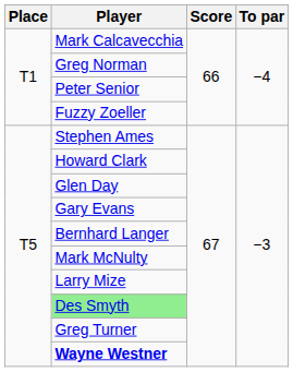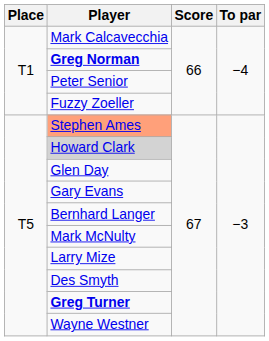 <table class="wikitable">
 <tr>
 <th>Place</th>
 <th>Player</th>
 <th>Score</th>
 <th>To par</th>
 </tr>
 <tr>
 <td rowspan="4" align=center>T1</td>
 <td> <a href='#'>Mark Calcavecchia</a></td>
 <td rowspan="4" align=center>66</td>
 <td rowspan="4" align=center>−4</td>
 </tr>
 <tr>
-<td> <a href='#'>Greg Norman</a></td>
+<td><strong> <a href='#'>Greg Norman</a></strong></td>
 </tr>
 <tr>
 <td> <a href='#'>Peter Senior</a></td>
 </tr>
 <tr>
 <td> <a href='#'>Fuzzy Zoeller</a></td>
 </tr>
 <tr>
 <td rowspan="10" align=center>T5</td>
-<td> <a href='#'>Stephen Ames</a></td>
+<td style="background: lightsalmon;"> <a href='#'>Stephen Ames</a></td>
 <td rowspan="10" align=center>67</td>
 <td rowspan="10" align=center>−3</td>
 </tr>
 <tr>
-<td> <a href='#'>Howard Clark</a></td>
+<td style="background: lightgrey;"> <a href='#'>Howard Clark</a></td>
 </tr>
 <tr>
 <td> <a href='#'>Glen Day</a></td>
 </tr>
 <tr>
 <td> <a href='#'>Gary Evans</a></td>
 </tr>
 <tr>
 <td> <a href='#'>Bernhard Langer</a></td>
 </tr>
 <tr>
 <td> <a href='#'>Mark McNulty</a></td>
 </tr>
 <tr>
 <td> <a href='#'>Larry Mize</a></td>
 </tr>
 <tr>
-<td style="background: lightgreen;"> <a href='#'>Des Smyth</a></td>
+<td> <a href='#'>Des Smyth</a></td>
 </tr>
 <tr>
-<td> <a href='#'>Greg Turner</a></td>
+<td><strong> <a href='#'>Greg Turner</a></strong></td>
 </tr>
 <tr>
-<td><strong> <a href='#'>Wayne Westner</a></strong></td>
+<td> <a href='#'>Wayne Westner</a></td>
 </tr>
 </table>
